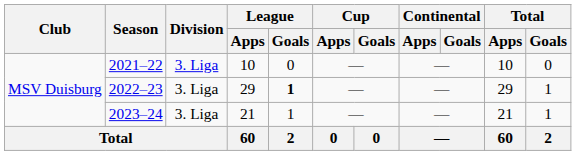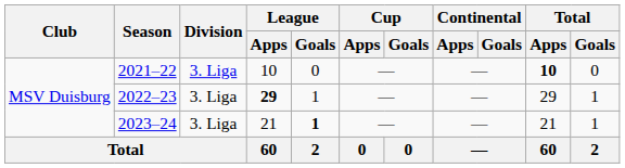 <table class="wikitable" style="text-align:center">
 <tr>
 <th rowspan="2">Club</th>
 <th rowspan="2">Season</th>
 <th rowspan="2">Division</th>
 <th colspan="2">League</th>
 <th colspan="2">Cup</th>
 <th colspan="2">Continental</th>
 <th colspan="2">Total</th>
 </tr>
 <tr>
 <th>Apps</th>
 <th>Goals</th>
 <th>Apps</th>
 <th>Goals</th>
 <th>Apps</th>
 <th>Goals</th>
 <th>Apps</th>
 <th>Goals</th>
 </tr>
 <tr>
 <td rowspan=3><a href='#'>MSV Duisburg</a></td>
 <td><a href='#'>2021–22</a></td>
 <td><a href='#'>3. Liga</a></td>
 <td>10</td>
 <td>0</td>
 <td colspan="2">—</td>
 <td colspan="2">—</td>
-<td>10</td>
+<td><strong>10</strong></td>
 <td>0</td>
 </tr>
 <tr>
 <td><a href='#'>2022–23</a></td>
 <td>3. Liga</td>
-<td>29</td>
-<td><strong>1</strong></td>
+<td><strong>29</strong></td>
+<td>1</td>
 <td colspan="2">—</td>
 <td colspan="2">—</td>
 <td>29</td>
 <td>1</td>
 </tr>
 <tr>
 <td><a href='#'>2023–24</a></td>
 <td>3. Liga</td>
 <td>21</td>
-<td>1</td>
+<td><strong>1</strong></td>
 <td colspan="2">—</td>
 <td colspan="2">—</td>
 <td>21</td>
 <td>1</td>
 </tr>
 <tr>
 <th colspan="3">Total</th>
 <th>60</th>
 <th>2</th>
 <th>0</th>
 <th>0</th>
 <th colspan="2">—</th>
 <th>60</th>
 <th>2</th>
 </tr>
 </table>
